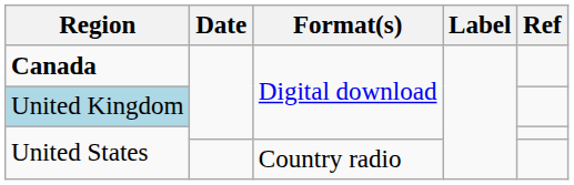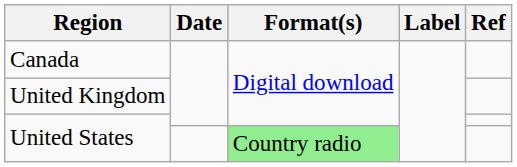 <table class="wikitable plainrowheaders">
 <tr>
 <th scope="col">Region</th>
 <th scope="col">Date</th>
 <th scope="col">Format(s)</th>
 <th scope="col">Label</th>
 <th scope="col">Ref</th>
 </tr>
 <tr>
-<td><strong>Canada</strong></td>
+<td>Canada</td>
 <td rowspan="3"></td>
 <td rowspan="3"><a href='#'>Digital download</a></td>
 <td rowspan="4"><br></td>
 <td></td>
 </tr>
 <tr>
-<td style="background: lightblue;">United Kingdom</td>
+<td>United Kingdom</td>
 <td></td>
 </tr>
 <tr>
 <td rowspan="2">United States</td>
 <td></td>
 </tr>
 <tr>
 <td></td>
-<td>Country radio</td>
+<td style="background: lightgreen;">Country radio</td>
 <td></td>
 </tr>
 </table>
